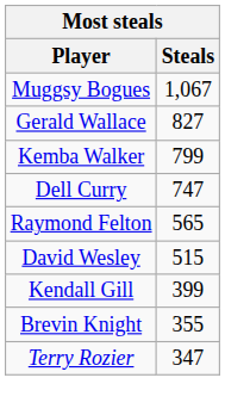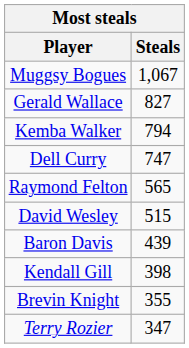 <table class="wikitable sortable" style="text-align:center">
 <tr>
 <th colspan="2" style="text-align:center; ">Most steals</th>
 </tr>
 <tr>
 <th style="text-align:center; ">Player</th>
 <th style="text-align:center; ">Steals</th>
 </tr>
 <tr>
 <td><a href='#'>Muggsy Bogues</a></td>
 <td>1,067</td>
 </tr>
 <tr>
 <td><a href='#'>Gerald Wallace</a></td>
 <td>827</td>
 </tr>
 <tr>
 <td><a href='#'>Kemba Walker</a></td>
-<td>799</td>
+<td>794</td>
 </tr>
 <tr>
 <td><a href='#'>Dell Curry</a></td>
 <td>747</td>
 </tr>
 <tr>
 <td><a href='#'>Raymond Felton</a></td>
 <td>565</td>
 </tr>
 <tr>
 <td><a href='#'>David Wesley</a></td>
 <td>515</td>
 </tr>
 <tr>
+<td><a href='#'>Baron Davis</a></td>
+<td>439</td>
+</tr>
+<tr>
 <td><a href='#'>Kendall Gill</a></td>
-<td>399</td>
+<td>398</td>
 </tr>
 <tr>
 <td><a href='#'>Brevin Knight</a></td>
 <td>355</td>
 </tr>
 <tr>
 <td><em><a href='#'>Terry Rozier</a></em></td>
 <td>347</td>
 </tr>
 </table>
